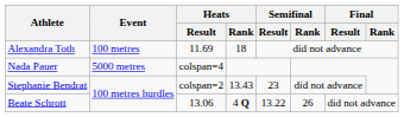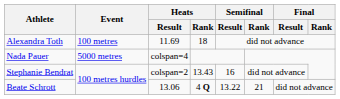 <table class="wikitable" border="1" style="font-size:90%">
 <tr>
 <th rowspan="2">Athlete</th>
 <th rowspan="2">Event</th>
 <th colspan="2">Heats</th>
 <th colspan="2">Semifinal</th>
 <th colspan="2">Final</th>
 </tr>
 <tr>
 <th>Result</th>
 <th>Rank</th>
 <th>Result</th>
 <th>Rank</th>
 <th>Result</th>
 <th>Rank</th>
 </tr>
 <tr align=center>
 <td align=left><a href='#'>Alexandra Toth</a></td>
 <td align=left><a href='#'>100 metres</a></td>
 <td>11.69</td>
 <td>18</td>
 <td align=center colspan=4>did not advance</td>
 </tr>
 <tr align=center>
 <td align=left><a href='#'>Nada Pauer</a></td>
 <td align=left><a href='#'>5000 metres</a></td>
 <td>colspan=4</td>
 <td colspan=2></td>
 </tr>
 <tr align=center>
 <td align=left><a href='#'>Stephanie Bendrat</a></td>
 <td align=left rowspan=2><a href='#'>100 metres hurdles</a></td>
 <td>colspan=2</td>
 <td>13.43</td>
-<td>23</td>
+<td>16</td>
 <td align=center colspan=2>did not advance</td>
 </tr>
 <tr align=center>
 <td align=left><a href='#'>Beate Schrott</a></td>
 <td>13.06 </td>
 <td>4 <strong>Q</strong></td>
 <td>13.22</td>
-<td>26</td>
+<td>21</td>
 <td align=center colspan=2>did not advance</td>
 </tr>
 </table>
